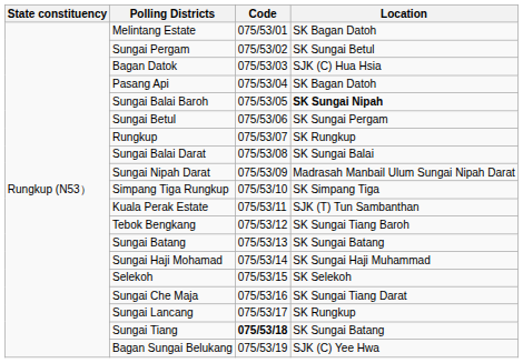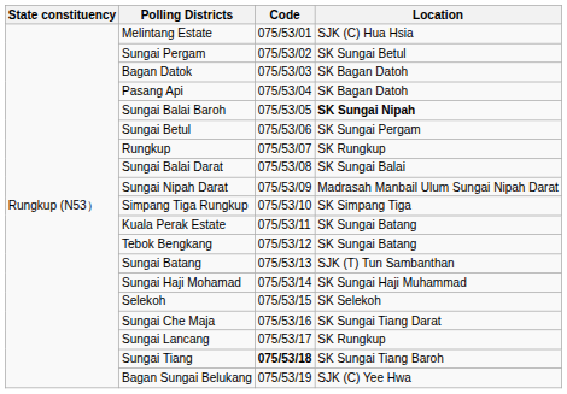 <table class="wikitable sortable mw-collapsible" style="white-space:nowrap;font-size:85%">
 <tr>
 <th>State constituency</th>
 <th>Polling Districts</th>
 <th>Code</th>
 <th>Location</th>
 </tr>
 <tr>
 <td rowspan="19">Rungkup (N53）</td>
 <td>Melintang Estate</td>
 <td>075/53/01</td>
-<td>SK Bagan Datoh</td>
+<td>SJK (C) Hua Hsia</td>
 </tr>
 <tr>
 <td>Sungai Pergam</td>
 <td>075/53/02</td>
 <td>SK Sungai Betul</td>
 </tr>
 <tr>
 <td>Bagan Datok</td>
 <td>075/53/03</td>
-<td>SJK (C) Hua Hsia</td>
+<td>SK Bagan Datoh</td>
 </tr>
 <tr>
 <td>Pasang Api</td>
 <td>075/53/04</td>
 <td>SK Bagan Datoh</td>
 </tr>
 <tr>
 <td>Sungai Balai Baroh</td>
 <td>075/53/05</td>
 <td><strong>SK Sungai Nipah</strong></td>
 </tr>
 <tr>
 <td>Sungai Betul</td>
 <td>075/53/06</td>
 <td>SK Sungai Pergam</td>
 </tr>
 <tr>
 <td>Rungkup</td>
 <td>075/53/07</td>
 <td>SK Rungkup</td>
 </tr>
 <tr>
 <td>Sungai Balai Darat</td>
 <td>075/53/08</td>
 <td>SK Sungai Balai</td>
 </tr>
 <tr>
 <td>Sungai Nipah Darat</td>
 <td>075/53/09</td>
 <td>Madrasah Manbail Ulum Sungai Nipah Darat</td>
 </tr>
 <tr>
 <td>Simpang Tiga Rungkup</td>
 <td>075/53/10</td>
 <td>SK Simpang Tiga</td>
 </tr>
 <tr>
 <td>Kuala Perak Estate</td>
 <td>075/53/11</td>
-<td>SJK (T) Tun Sambanthan</td>
+<td>SK Sungai Batang</td>
 </tr>
 <tr>
 <td>Tebok Bengkang</td>
 <td>075/53/12</td>
-<td>SK Sungai Tiang Baroh</td>
+<td>SK Sungai Batang</td>
 </tr>
 <tr>
 <td>Sungai Batang</td>
 <td>075/53/13</td>
-<td>SK Sungai Batang</td>
+<td>SJK (T) Tun Sambanthan</td>
 </tr>
 <tr>
 <td>Sungai Haji Mohamad</td>
 <td>075/53/14</td>
 <td>SK Sungai Haji Muhammad</td>
 </tr>
 <tr>
 <td>Selekoh</td>
 <td>075/53/15</td>
 <td>SK Selekoh</td>
 </tr>
 <tr>
 <td>Sungai Che Maja</td>
 <td>075/53/16</td>
 <td>SK Sungai Tiang Darat</td>
 </tr>
 <tr>
 <td>Sungai Lancang</td>
 <td>075/53/17</td>
 <td>SK Rungkup</td>
 </tr>
 <tr>
 <td>Sungai Tiang</td>
 <td><strong>075/53/18</strong></td>
-<td>SK Sungai Batang</td>
+<td>SK Sungai Tiang Baroh</td>
 </tr>
 <tr>
 <td>Bagan Sungai Belukang</td>
 <td>075/53/19</td>
 <td>SJK (C) Yee Hwa</td>
 </tr>
 </table>
